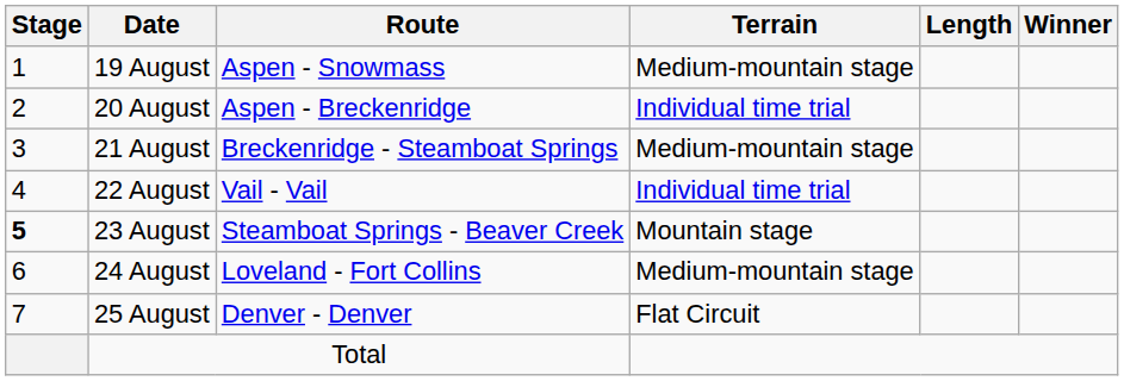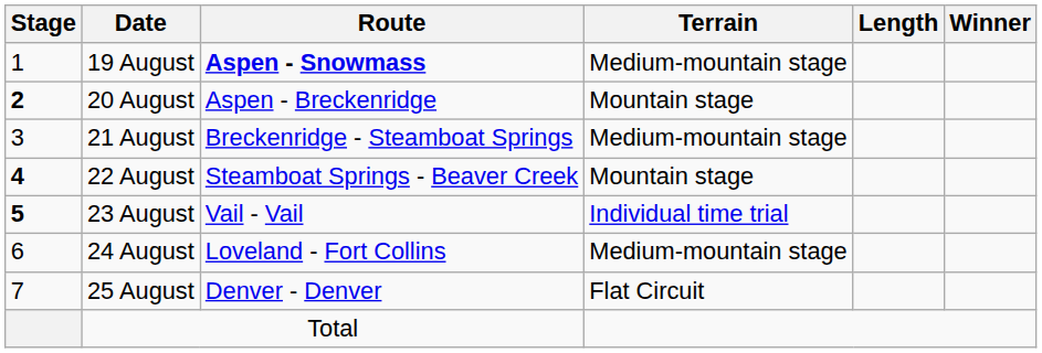 <table class="wikitable">
 <tr>
 <th>Stage</th>
 <th>Date</th>
 <th>Route</th>
 <th>Terrain</th>
 <th>Length</th>
 <th>Winner</th>
 </tr>
 <tr>
 <td style="align:center;">1</td>
 <td>19 August</td>
-<td><a href='#'>Aspen</a> - <a href='#'>Snowmass</a></td>
+<td><strong><a href='#'>Aspen</a> - <a href='#'>Snowmass</a></strong></td>
 <td> Medium-mountain stage</td>
 <td></td>
 <td></td>
 </tr>
 <tr>
-<td style="align:center;">2</td>
+<td style="align:center;"><strong>2</strong></td>
 <td>20 August</td>
 <td><a href='#'>Aspen</a> - <a href='#'>Breckenridge</a></td>
-<td> <a href='#'>Individual time trial</a></td>
+<td> Mountain stage</td>
 <td></td>
 <td></td>
 </tr>
 <tr>
 <td style="align:center;">3</td>
 <td>21 August</td>
 <td><a href='#'>Breckenridge</a> - <a href='#'>Steamboat Springs</a></td>
 <td> Medium-mountain stage</td>
 <td></td>
 <td></td>
 </tr>
 <tr>
-<td style="align:center;">4</td>
+<td style="align:center;"><strong>4</strong></td>
 <td>22 August</td>
-<td><a href='#'>Vail</a> - <a href='#'>Vail</a></td>
-<td> <a href='#'>Individual time trial</a></td>
+<td><a href='#'>Steamboat Springs</a> - <a href='#'>Beaver Creek</a></td>
+<td> Mountain stage</td>
 <td></td>
 <td></td>
 </tr>
 <tr>
 <td style="align:center;"><strong>5</strong></td>
 <td>23 August</td>
-<td><a href='#'>Steamboat Springs</a> - <a href='#'>Beaver Creek</a></td>
-<td> Mountain stage</td>
+<td><a href='#'>Vail</a> - <a href='#'>Vail</a></td>
+<td> <a href='#'>Individual time trial</a></td>
 <td></td>
 <td></td>
 </tr>
 <tr>
 <td style="align:center;">6</td>
 <td>24 August</td>
 <td><a href='#'>Loveland</a> - <a href='#'>Fort Collins</a></td>
 <td> Medium-mountain stage</td>
 <td></td>
 <td></td>
 </tr>
 <tr>
 <td style="align:center;">7</td>
 <td>25 August</td>
 <td><a href='#'>Denver</a> - <a href='#'>Denver</a></td>
 <td> Flat Circuit</td>
 <td></td>
 <td></td>
 </tr>
 <tr>
 <th></th>
 <td colspan="2" style="text-align:center;">Total</td>
 <td colspan="5" style="text-align:center;"></td>
 </tr>
 </table>
